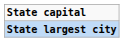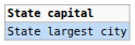 <table class="wikitable">
 <tr>
 <td><strong>State capital</strong></td>
 </tr>
 <tr>
-<td style="background:#c0dbf7"><strong>State largest city</strong></td>
+<td style="background:#c0dbf7">State largest city</td>
 </tr>
 </table>
